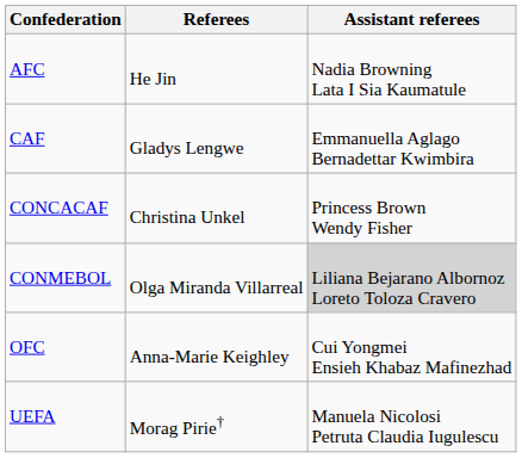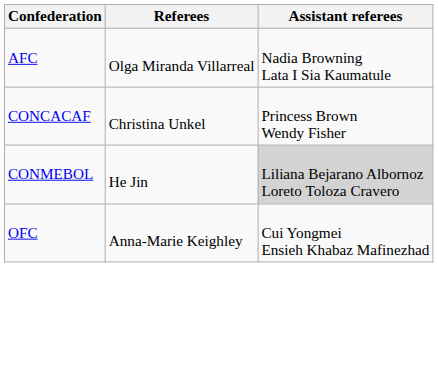 <table class="wikitable">
 <tr>
 <th>Confederation</th>
 <th>Referees</th>
 <th>Assistant referees</th>
 </tr>
 <tr>
 <td><a href='#'>AFC</a></td>
-<td><br> He Jin</td>
+<td><br> Olga Miranda Villarreal</td>
 <td><br> Nadia Browning<br>  Lata I Sia Kaumatule</td>
-</tr>
-<tr>
-<td><a href='#'>CAF</a></td>
-<td><br> Gladys Lengwe</td>
-<td><br> Emmanuella Aglago<br>  Bernadettar Kwimbira</td>
 </tr>
 <tr>
 <td><a href='#'>CONCACAF</a></td>
 <td><br> Christina Unkel</td>
 <td><br> Princess Brown<br>  Wendy Fisher</td>
 </tr>
 <tr>
 <td><a href='#'>CONMEBOL</a></td>
-<td><br> Olga Miranda Villarreal</td>
+<td><br> He Jin</td>
 <td style="background: lightgrey;"><br> Liliana Bejarano Albornoz<br>  Loreto Toloza Cravero</td>
 </tr>
 <tr>
 <td><a href='#'>OFC</a></td>
 <td><br> Anna-Marie Keighley</td>
 <td><br> Cui Yongmei<br>  Ensieh Khabaz Mafinezhad</td>
 </tr>
-<tr>
-<td><a href='#'>UEFA</a></td>
-<td><br> Morag Pirie<sup>†</sup></td>
-<td><br> Manuela Nicolosi<br>  Petruta Claudia Iugulescu</td>
-</tr>
 </table>
